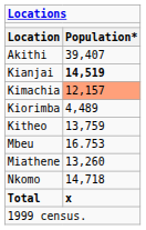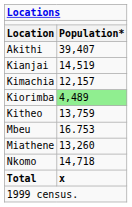 <table class="wikitable">
 <tr>
 <td colspan="2"><strong><a href='#'>Locations</a></strong></td>
 </tr>
 <tr>
 <td colspan="2"></td>
 </tr>
 <tr>
 <th>Location</th>
 <th>Population*</th>
 </tr>
 <tr>
 <td>Akithi</td>
 <td>39,407</td>
 </tr>
 <tr>
 <td>Kianjai</td>
-<td><strong>14,519</strong></td>
+<td>14,519</td>
 </tr>
 <tr>
 <td>Kimachia</td>
-<td style="background: lightsalmon;">12,157</td>
+<td>12,157</td>
 </tr>
 <tr>
 <td>Kiorimba</td>
-<td>4,489</td>
+<td style="background: lightgreen;">4,489</td>
 </tr>
 <tr>
 <td>Kitheo</td>
 <td>13,759</td>
 </tr>
 <tr>
 <td>Mbeu</td>
 <td>16.753</td>
 </tr>
 <tr>
 <td>Miathene</td>
 <td>13,260</td>
 </tr>
 <tr>
 <td>Nkomo</td>
 <td>14,718</td>
 </tr>
 <tr>
 <td><strong>Total</strong></td>
 <td><strong>x</strong></td>
 </tr>
 <tr>
 <td colspan="2">1999 census.</td>
 </tr>
 </table>
